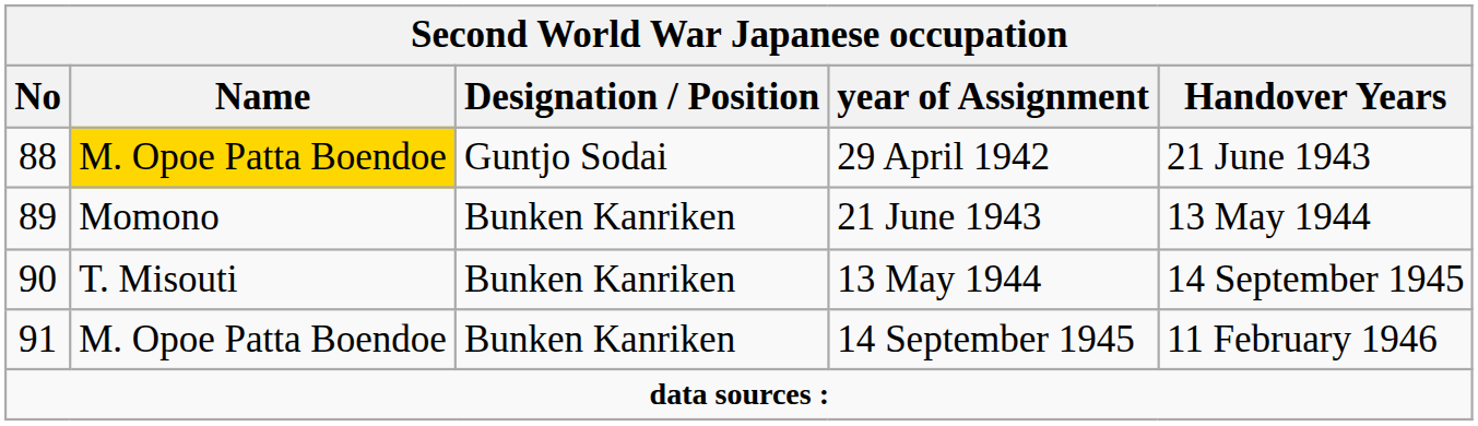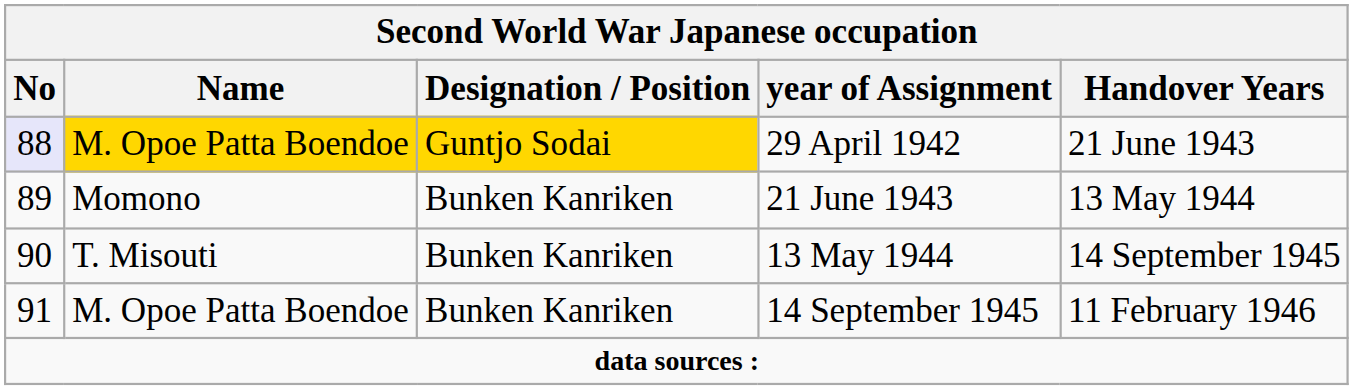 <table class="wikitable">
 <tr>
 <th colspan="5">Second World War Japanese occupation</th>
 </tr>
 <tr>
 <th>No</th>
 <th>Name</th>
 <th>Designation / Position</th>
 <th>year of Assignment</th>
 <th>Handover Years</th>
 </tr>
 <tr>
-<td style="text-align:center;">88</td>
+<td style="background: lavender; text-align:center;">88</td>
 <td style="background: gold;">M. Opoe Patta Boendoe</td>
-<td>Guntjo Sodai</td>
+<td style="background: gold;">Guntjo Sodai</td>
 <td>29 April 1942</td>
 <td>21 June 1943</td>
 </tr>
 <tr>
 <td style="text-align:center;">89</td>
 <td>Momono</td>
 <td>Bunken Kanriken</td>
 <td>21 June 1943</td>
 <td>13 May 1944</td>
 </tr>
 <tr>
 <td style="text-align:center;">90</td>
 <td>T. Misouti</td>
 <td>Bunken Kanriken</td>
 <td>13 May 1944</td>
 <td>14 September 1945</td>
 </tr>
 <tr>
 <td style="text-align:center;">91</td>
 <td>M. Opoe Patta Boendoe</td>
 <td>Bunken Kanriken</td>
 <td>14 September 1945</td>
 <td>11 February 1946</td>
 </tr>
 <tr>
 <td colspan="5" style="text-align:center;font-size:80%;"><strong>data sources :</strong> </td>
 </tr>
 </table>
